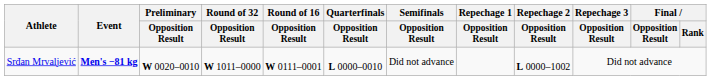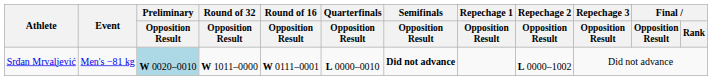 <table class="wikitable" style="font-size:90%">
 <tr>
 <th rowspan="2">Athlete</th>
 <th rowspan="2">Event</th>
 <th>Preliminary</th>
 <th>Round of 32</th>
 <th>Round of 16</th>
 <th>Quarterfinals</th>
 <th>Semifinals</th>
 <th>Repechage 1</th>
 <th>Repechage 2</th>
 <th>Repechage 3</th>
 <th colspan=2>Final / </th>
 </tr>
 <tr style="font-size:95%">
 <th>Opposition<br>Result</th>
 <th>Opposition<br>Result</th>
 <th>Opposition<br>Result</th>
 <th>Opposition<br>Result</th>
 <th>Opposition<br>Result</th>
 <th>Opposition<br>Result</th>
 <th>Opposition<br>Result</th>
 <th>Opposition<br>Result</th>
 <th>Opposition<br>Result</th>
 <th>Rank</th>
 </tr>
 <tr align=center>
 <td align=left><a href='#'>Srđan Mrvaljević</a></td>
-<td align=left><strong><a href='#'>Men's −81 kg</a></strong></td>
-<td><br><strong>W</strong> 0020–0010</td>
+<td align=left><a href='#'>Men's −81 kg</a></td>
+<td style="background: lightblue;"><br><strong>W</strong> 0020–0010</td>
 <td><br><strong>W</strong> 1011–0000</td>
 <td><br><strong>W</strong> 0111–0001</td>
 <td><br><strong>L</strong> 0000–0010</td>
-<td>Did not advance</td>
+<td><strong>Did not advance</strong></td>
 <td></td>
 <td><br><strong>L</strong> 0000–1002</td>
 <td colspan=3>Did not advance</td>
 </tr>
 </table>
